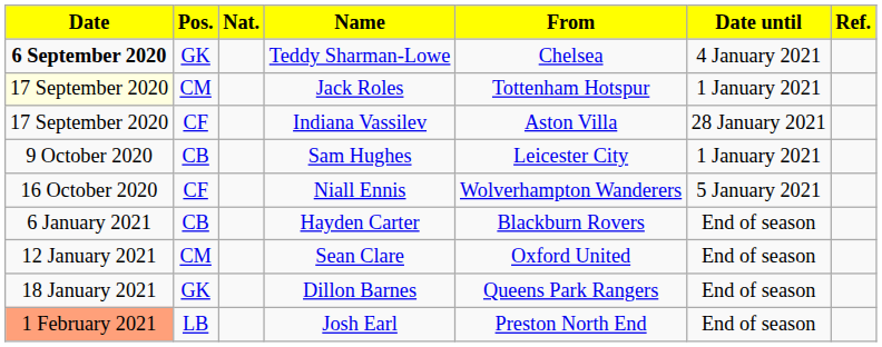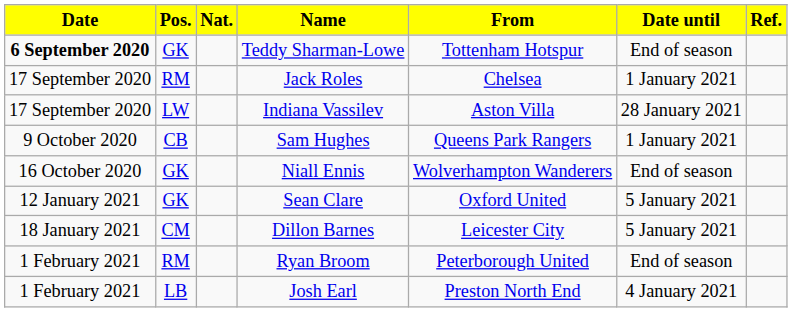 <table class="wikitable"  style="text-align:center; font-size:90%; ">
 <tr>
 <th style="background:yellow;">Date</th>
 <th style="background:yellow;">Pos.</th>
 <th style="background:yellow;">Nat.</th>
 <th style="background:yellow;">Name</th>
 <th style="background:yellow;">From</th>
 <th style="background:yellow;">Date until</th>
 <th style="background:yellow;">Ref.</th>
 </tr>
 <tr>
 <td><strong>6 September 2020</strong></td>
 <td><a href='#'>GK</a></td>
 <td></td>
 <td><a href='#'>Teddy Sharman-Lowe</a></td>
-<td> <a href='#'>Chelsea</a></td>
-<td>4 January 2021</td>
+<td> <a href='#'>Tottenham Hotspur</a></td>
+<td>End of season</td>
 <td></td>
 </tr>
 <tr>
-<td style="background: lightyellow;">17 September 2020</td>
-<td><a href='#'>CM</a></td>
+<td>17 September 2020</td>
+<td><a href='#'>RM</a></td>
 <td></td>
 <td><a href='#'>Jack Roles</a></td>
-<td> <a href='#'>Tottenham Hotspur</a></td>
+<td> <a href='#'>Chelsea</a></td>
 <td>1 January 2021</td>
 <td></td>
 </tr>
 <tr>
 <td>17 September 2020</td>
-<td><a href='#'>CF</a></td>
+<td><a href='#'>LW</a></td>
 <td></td>
 <td><a href='#'>Indiana Vassilev</a></td>
 <td> <a href='#'>Aston Villa</a></td>
 <td>28 January 2021</td>
 <td></td>
 </tr>
 <tr>
 <td>9 October 2020</td>
 <td><a href='#'>CB</a></td>
 <td></td>
 <td><a href='#'>Sam Hughes</a></td>
-<td> <a href='#'>Leicester City</a></td>
+<td> <a href='#'>Queens Park Rangers</a></td>
 <td>1 January 2021</td>
 <td></td>
 </tr>
 <tr>
 <td>16 October 2020</td>
-<td><a href='#'>CF</a></td>
+<td><a href='#'>GK</a></td>
 <td></td>
 <td><a href='#'>Niall Ennis</a></td>
 <td> <a href='#'>Wolverhampton Wanderers</a></td>
-<td>5 January 2021</td>
-<td></td>
-</tr>
-<tr>
-<td>6 January 2021</td>
-<td><a href='#'>CB</a></td>
-<td></td>
-<td><a href='#'>Hayden Carter</a></td>
-<td> <a href='#'>Blackburn Rovers</a></td>
 <td>End of season</td>
 <td></td>
 </tr>
 <tr>
 <td>12 January 2021</td>
-<td><a href='#'>CM</a></td>
+<td><a href='#'>GK</a></td>
 <td></td>
 <td><a href='#'>Sean Clare</a></td>
 <td> <a href='#'>Oxford United</a></td>
+<td>5 January 2021</td>
+<td></td>
+</tr>
+<tr>
+<td>18 January 2021</td>
+<td><a href='#'>CM</a></td>
+<td></td>
+<td><a href='#'>Dillon Barnes</a></td>
+<td> <a href='#'>Leicester City</a></td>
+<td>5 January 2021</td>
+<td></td>
+</tr>
+<tr>
+<td>1 February 2021</td>
+<td><a href='#'>RM</a></td>
+<td></td>
+<td><a href='#'>Ryan Broom</a></td>
+<td> <a href='#'>Peterborough United</a></td>
 <td>End of season</td>
 <td></td>
 </tr>
 <tr>
-<td>18 January 2021</td>
-<td><a href='#'>GK</a></td>
-<td></td>
-<td><a href='#'>Dillon Barnes</a></td>
-<td> <a href='#'>Queens Park Rangers</a></td>
-<td>End of season</td>
-<td></td>
-</tr>
-<tr>
-<td style="background: lightsalmon;">1 February 2021</td>
+<td>1 February 2021</td>
 <td><a href='#'>LB</a></td>
 <td></td>
 <td><a href='#'>Josh Earl</a></td>
 <td> <a href='#'>Preston North End</a></td>
-<td>End of season</td>
+<td>4 January 2021</td>
 <td></td>
 </tr>
 </table>
